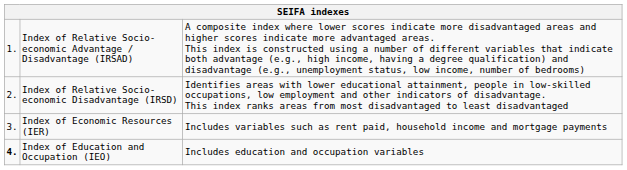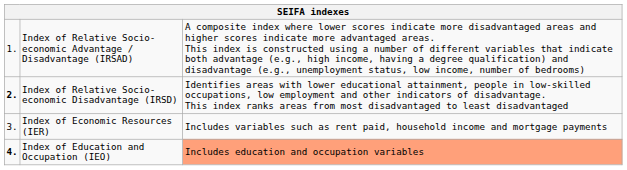 <table class="wikitable">
 <tr>
 <th colspan=3>SEIFA indexes</th>
 </tr>
 <tr>
 <td>1.</td>
 <td>Index of Relative Socio-economic Advantage / Disadvantage (IRSAD)</td>
 <td>A composite index where lower scores indicate more disadvantaged areas and higher scores indicate more advantaged areas.<br>This index is constructed using a number of different variables that indicate both advantage (e.g., high income, having a degree qualification) and disadvantage (e.g., unemployment status, low income, number of bedrooms)</td>
 </tr>
 <tr>
-<td>2.</td>
+<td><strong>2.</strong></td>
 <td>Index of Relative Socio-economic Disadvantage (IRSD)</td>
 <td>Identifies areas with lower educational attainment, people in low-skilled occupations, low employment and other indicators of disadvantage.<br>This index ranks areas from most disadvantaged to least disadvantaged</td>
 </tr>
 <tr>
 <td>3.</td>
 <td>Index of Economic Resources (IER)</td>
 <td>Includes variables such as rent paid, household income and mortgage  payments</td>
 </tr>
 <tr>
 <td><strong>4.</strong></td>
 <td>Index of Education and Occupation (IEO)</td>
-<td>Includes education and occupation variables</td>
+<td style="background: lightsalmon;">Includes education and occupation variables</td>
 </tr>
 </table>
